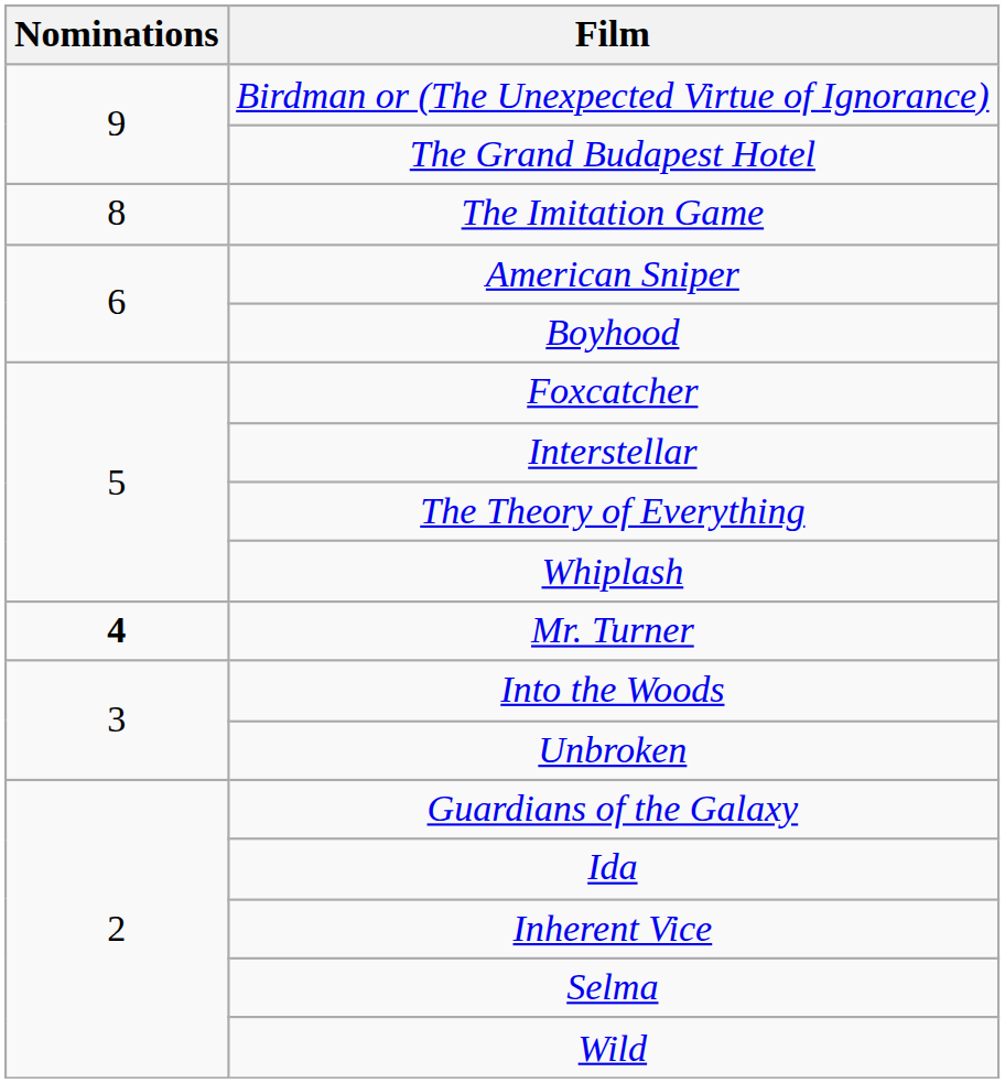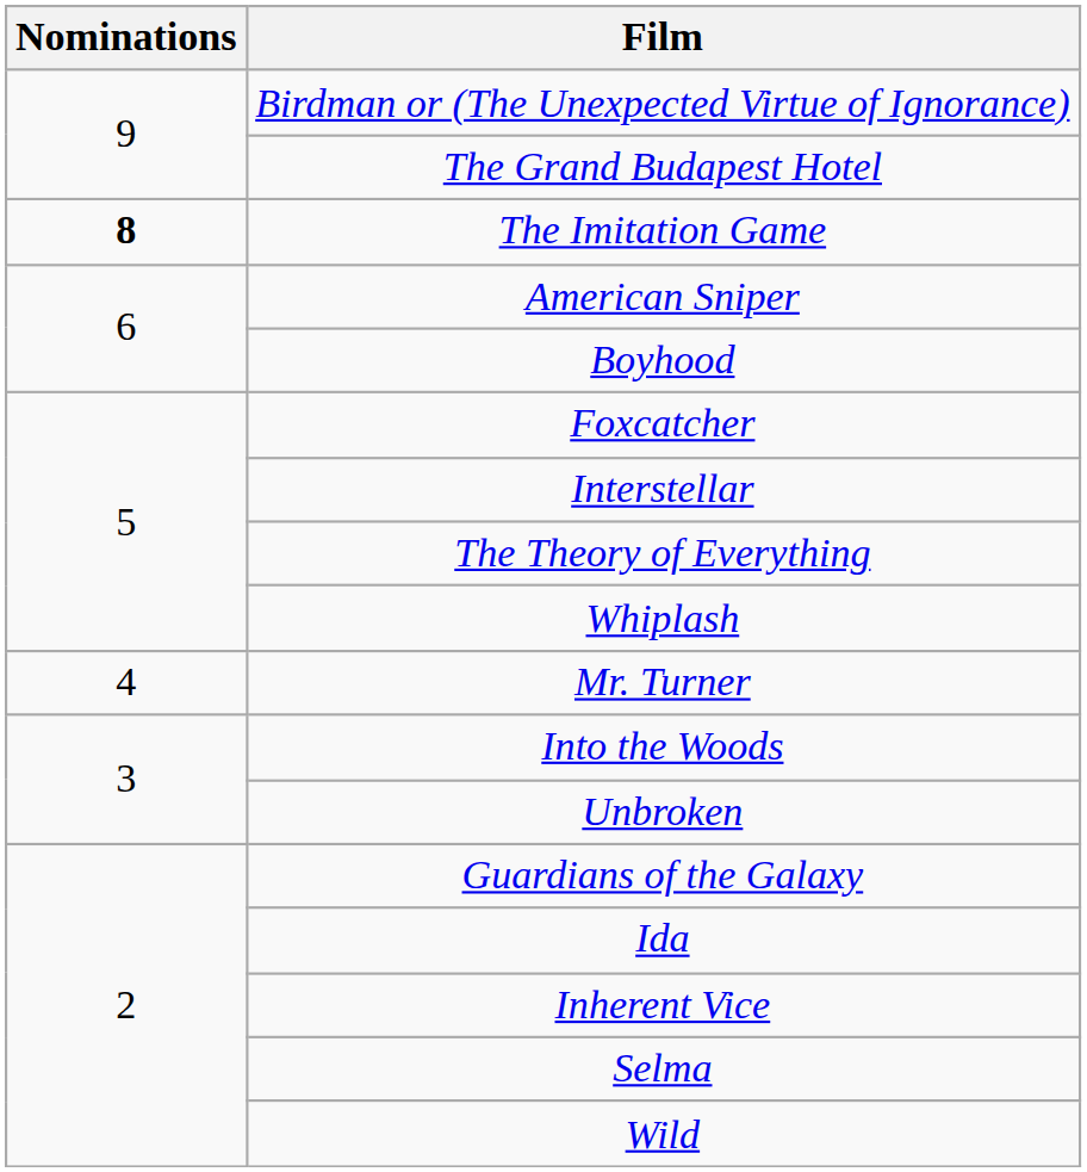 <table class="wikitable" style="text-align: center;">
 <tr>
 <th scope="col">Nominations</th>
 <th scope="col" align="center">Film</th>
 </tr>
 <tr>
 <td rowspan=2 style="text-align:center">9</td>
 <td><em><a href='#'>Birdman or (The Unexpected Virtue of Ignorance)</a></em></td>
 </tr>
 <tr>
 <td><em><a href='#'>The Grand Budapest Hotel</a></em></td>
 </tr>
 <tr>
-<td style="text-align:center">8</td>
+<td style="text-align:center"><strong>8</strong></td>
 <td><em><a href='#'>The Imitation Game</a></em></td>
 </tr>
 <tr>
 <td rowspan=2 style="text-align:center">6</td>
 <td><em><a href='#'>American Sniper</a></em></td>
 </tr>
 <tr>
 <td><em><a href='#'>Boyhood</a></em></td>
 </tr>
 <tr>
 <td rowspan=4 style="text-align:center">5</td>
 <td><em><a href='#'>Foxcatcher</a></em></td>
 </tr>
 <tr>
 <td><em><a href='#'>Interstellar</a></em></td>
 </tr>
 <tr>
 <td><em><a href='#'>The Theory of Everything</a></em></td>
 </tr>
 <tr>
 <td><em><a href='#'>Whiplash</a></em></td>
 </tr>
 <tr>
-<td style="text-align:center"><strong>4</strong></td>
+<td style="text-align:center">4</td>
 <td><em><a href='#'>Mr. Turner</a></em></td>
 </tr>
 <tr>
 <td rowspan=2 style="text-align:center">3</td>
 <td><em><a href='#'>Into the Woods</a></em></td>
 </tr>
 <tr>
 <td><em><a href='#'>Unbroken</a></em></td>
 </tr>
 <tr>
 <td rowspan=5 style="text-align:center">2</td>
 <td><em><a href='#'>Guardians of the Galaxy</a></em></td>
 </tr>
 <tr>
 <td><em><a href='#'>Ida</a></em></td>
 </tr>
 <tr>
 <td><em><a href='#'>Inherent Vice</a></em></td>
 </tr>
 <tr>
 <td><em><a href='#'>Selma</a></em></td>
 </tr>
 <tr>
 <td><em><a href='#'>Wild</a></em></td>
 </tr>
 </table>
